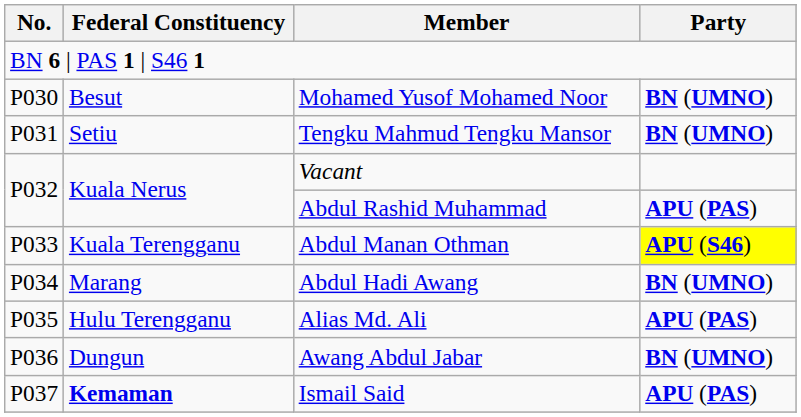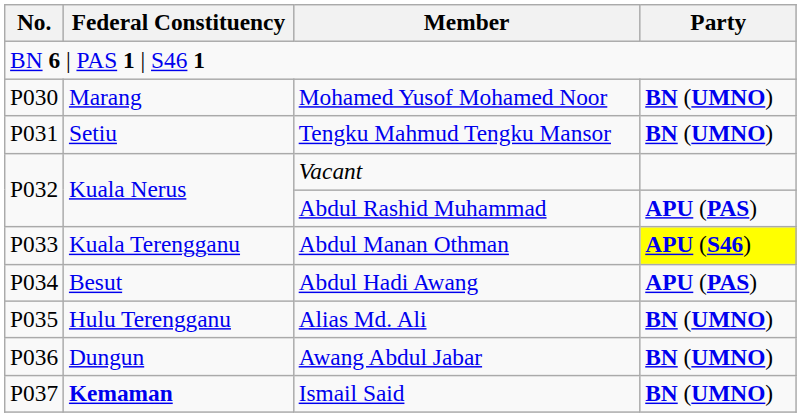 <table class="wikitable sortable">
 <tr>
 <th style="width:30px;">No.</th>
 <th style="width:150px;">Federal Constituency</th>
 <th style="width:230px;">Member</th>
 <th style="width:100px;">Party</th>
 </tr>
 <tr>
 <td colspan="4"><a href='#'>BN</a> <strong>6</strong> | <a href='#'>PAS</a> <strong>1</strong> | <a href='#'>S46</a> <strong>1</strong></td>
 </tr>
 <tr>
 <td>P030</td>
-<td><a href='#'>Besut</a></td>
+<td><a href='#'>Marang</a></td>
 <td><a href='#'>Mohamed Yusof Mohamed Noor</a></td>
 <td><strong><a href='#'>BN</a></strong> (<strong><a href='#'>UMNO</a></strong>)</td>
 </tr>
 <tr>
 <td>P031</td>
 <td><a href='#'>Setiu</a></td>
 <td><a href='#'>Tengku Mahmud Tengku Mansor</a></td>
 <td><strong><a href='#'>BN</a></strong> (<strong><a href='#'>UMNO</a></strong>)</td>
 </tr>
 <tr>
 <td rowspan=2>P032</td>
 <td rowspan=2><a href='#'>Kuala Nerus</a></td>
 <td><em>Vacant</em> </td>
 <td></td>
 </tr>
 <tr>
 <td><a href='#'>Abdul Rashid Muhammad</a> </td>
 <td><strong><a href='#'>APU</a></strong> (<strong><a href='#'>PAS</a></strong>)</td>
 </tr>
 <tr>
 <td>P033</td>
 <td><a href='#'>Kuala Terengganu</a></td>
 <td><a href='#'>Abdul Manan Othman</a></td>
 <td bgcolor="yellow"><strong><a href='#'>APU</a></strong> (<strong><a href='#'>S46</a></strong>)</td>
 </tr>
 <tr>
 <td>P034</td>
-<td><a href='#'>Marang</a></td>
+<td><a href='#'>Besut</a></td>
 <td><a href='#'>Abdul Hadi Awang</a></td>
-<td><strong><a href='#'>BN</a></strong> (<strong><a href='#'>UMNO</a></strong>)</td>
+<td><strong><a href='#'>APU</a></strong> (<strong><a href='#'>PAS</a></strong>)</td>
 </tr>
 <tr>
 <td>P035</td>
 <td><a href='#'>Hulu Terengganu</a></td>
 <td><a href='#'>Alias Md. Ali</a></td>
-<td><strong><a href='#'>APU</a></strong> (<strong><a href='#'>PAS</a></strong>)</td>
+<td><strong><a href='#'>BN</a></strong> (<strong><a href='#'>UMNO</a></strong>)</td>
 </tr>
 <tr>
 <td>P036</td>
 <td><a href='#'>Dungun</a></td>
 <td><a href='#'>Awang Abdul Jabar</a></td>
 <td><strong><a href='#'>BN</a></strong> (<strong><a href='#'>UMNO</a></strong>)</td>
 </tr>
 <tr>
 <td>P037</td>
 <td><strong><a href='#'>Kemaman</a></strong></td>
 <td><a href='#'>Ismail Said</a></td>
-<td><strong><a href='#'>APU</a></strong> (<strong><a href='#'>PAS</a></strong>)</td>
+<td><strong><a href='#'>BN</a></strong> (<strong><a href='#'>UMNO</a></strong>)</td>
 </tr>
 </table>
